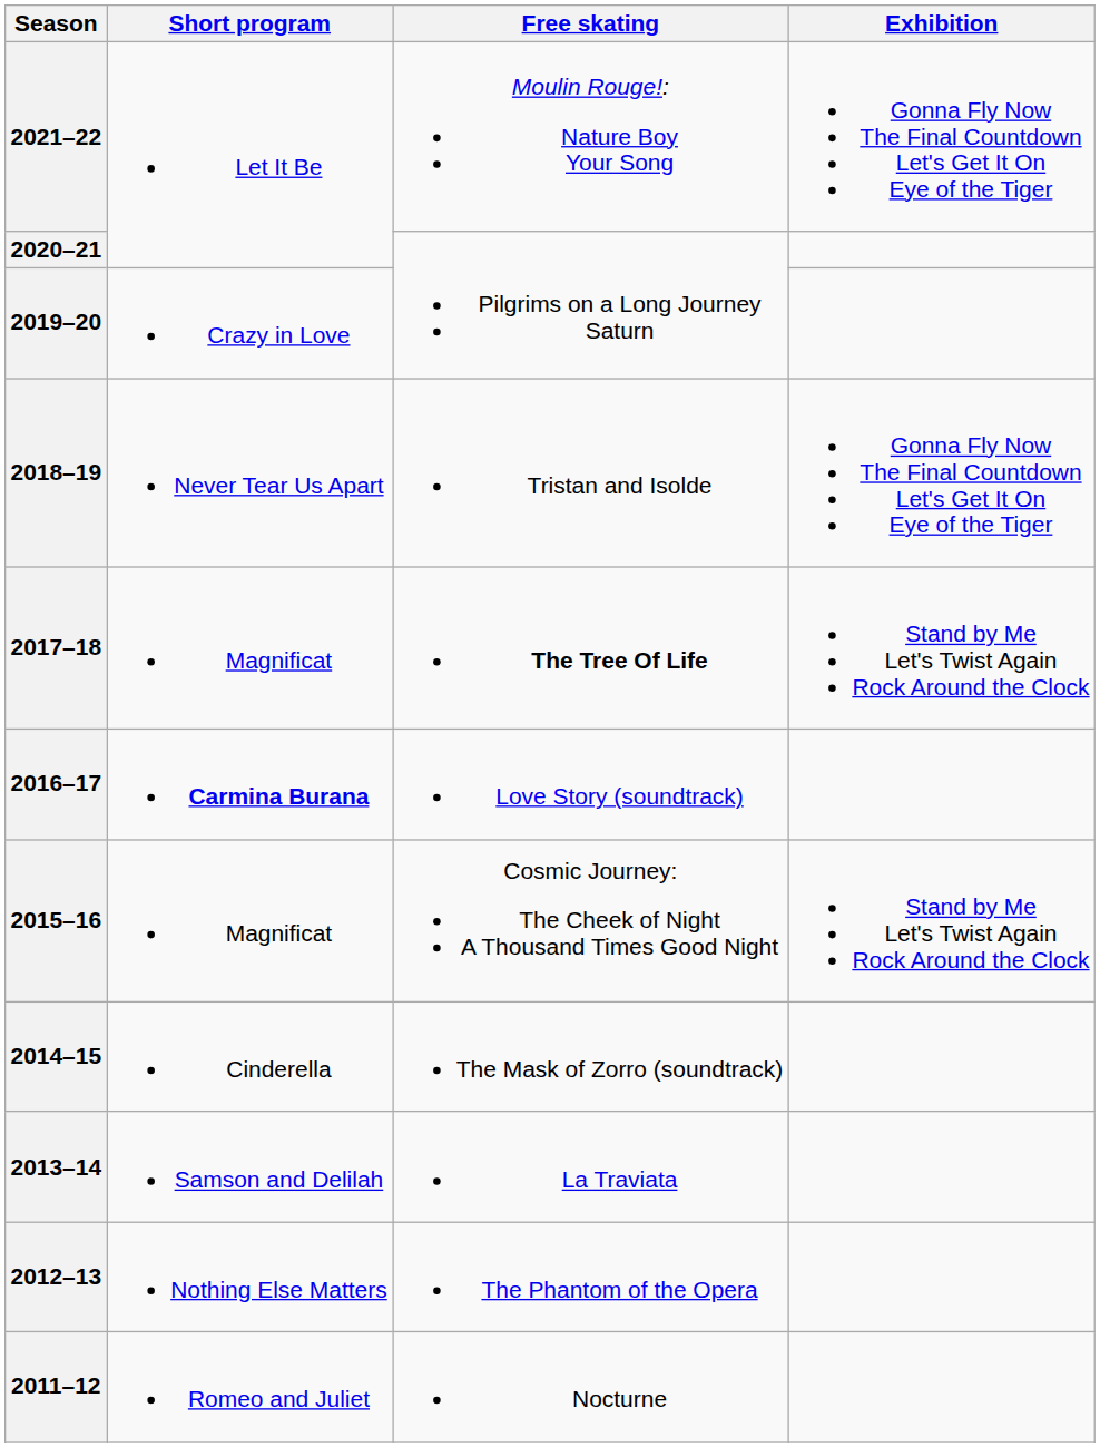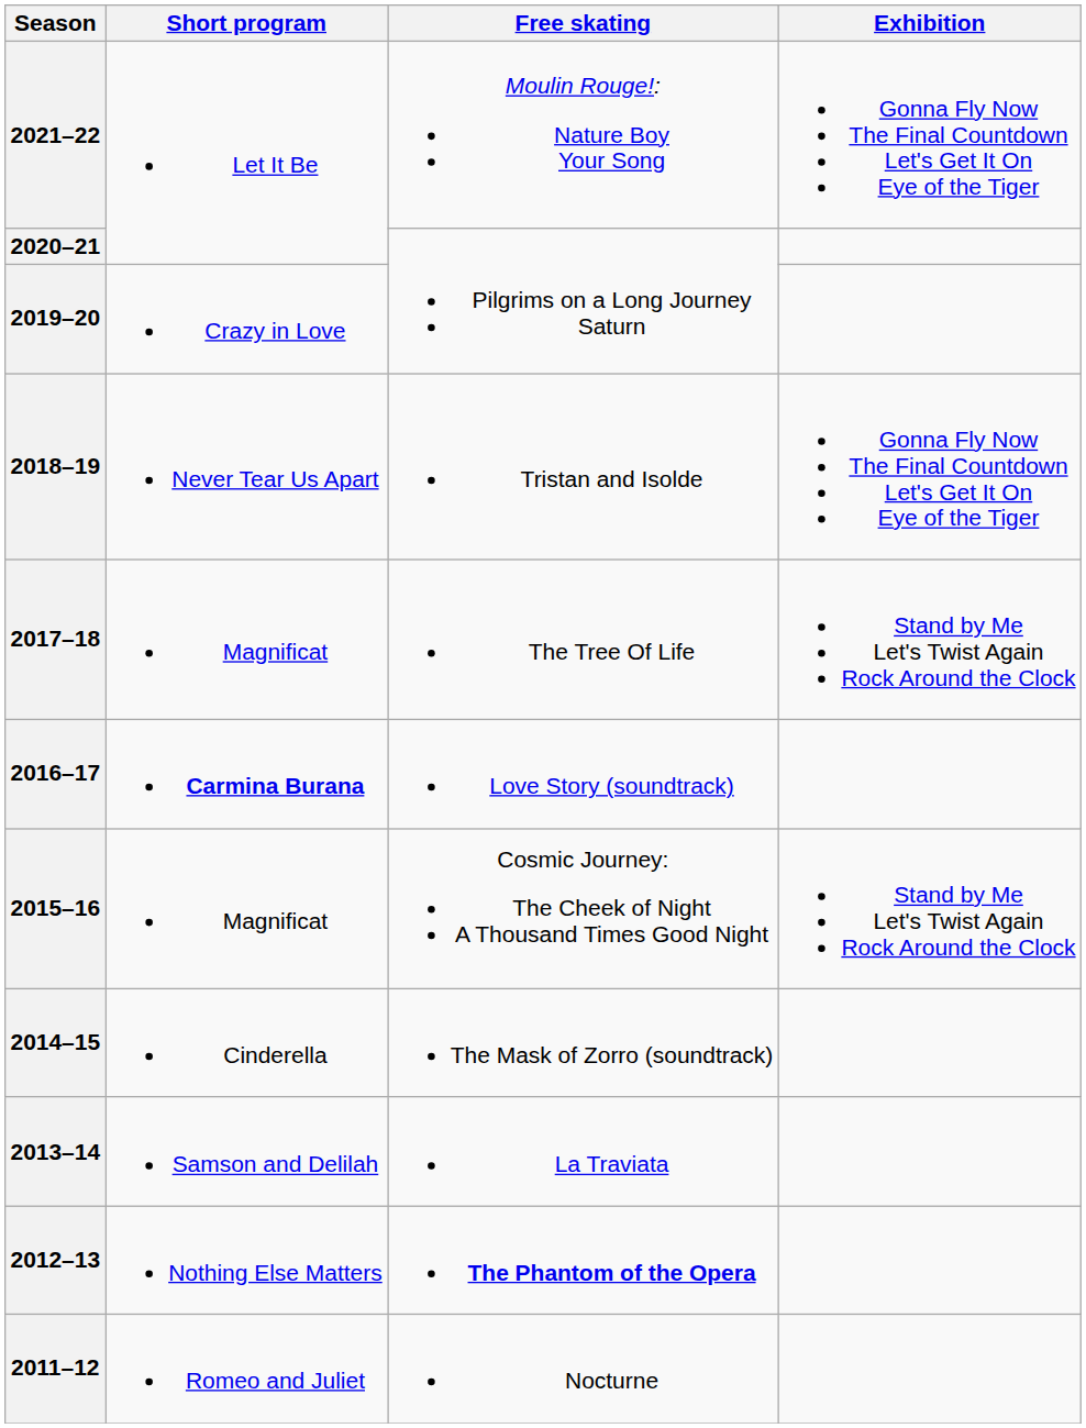 <table class=wikitable style=text-align:center>
 <tr>
 <th>Season</th>
 <th><a href='#'>Short program</a></th>
 <th><a href='#'>Free skating</a></th>
 <th><a href='#'>Exhibition</a></th>
 </tr>
 <tr>
 <th>2021–22 <br> </th>
 <td rowspan=2><br><ul><li><a href='#'>Let It Be</a> <br> </li></ul></td>
 <td><em><a href='#'>Moulin Rouge!</a>:</em><br><ul><li><a href='#'>Nature Boy</a> <br></li><li><a href='#'>Your Song</a> <br> </li></ul></td>
 <td><br><ul><li><a href='#'>Gonna Fly Now</a> <br></li><li><a href='#'>The Final Countdown</a> <br></li><li><a href='#'>Let's Get It On</a> <br></li><li><a href='#'>Eye of the Tiger</a> <br></li></ul></td>
 </tr>
 <tr>
 <th>2020–21 <br> </th>
 <td rowspan=2><br><ul><li>Pilgrims on a Long Journey <br> </li><li>Saturn <br> </li></ul></td>
 <td></td>
 </tr>
 <tr>
 <th>2019–20 <br> </th>
 <td><br><ul><li><a href='#'>Crazy in Love</a> <br> </li></ul></td>
 <td></td>
 </tr>
 <tr>
 <th>2018–19 <br> </th>
 <td><br><ul><li><a href='#'>Never Tear Us Apart</a> <br> </li></ul></td>
 <td><br><ul><li>Tristan and Isolde <br> </li></ul></td>
 <td><br><ul><li><a href='#'>Gonna Fly Now</a> <br></li><li><a href='#'>The Final Countdown</a> <br></li><li><a href='#'>Let's Get It On</a> <br></li><li><a href='#'>Eye of the Tiger</a> <br></li></ul></td>
 </tr>
 <tr>
 <th>2017–18 <br> </th>
 <td><br><ul><li><a href='#'>Magnificat</a> <br></li></ul></td>
-<td><strong><br><ul><li>The Tree Of Life <br> </li></ul></strong></td>
+<td><br><ul><li>The Tree Of Life <br> </li></ul></td>
 <td><br><ul><li><a href='#'>Stand by Me</a> <br></li><li>Let's Twist Again</li><li><a href='#'>Rock Around the Clock</a> <br></li></ul></td>
 </tr>
 <tr>
 <th>2016–17 <br> </th>
 <td><strong><br><ul><li><a href='#'>Carmina Burana</a> <br></li></ul></strong></td>
 <td><br><ul><li><a href='#'>Love Story (soundtrack)</a> <br></li></ul></td>
 <td></td>
 </tr>
 <tr>
 <th>2015–16 <br> </th>
 <td><br><ul><li>Magnificat <br></li></ul></td>
 <td>Cosmic Journey:<br><ul><li>The Cheek of Night</li><li>A Thousand Times Good Night <br></li></ul></td>
 <td><br><ul><li><a href='#'>Stand by Me</a> <br></li><li>Let's Twist Again</li><li><a href='#'>Rock Around the Clock</a> <br></li></ul></td>
 </tr>
 <tr>
 <th>2014–15 <br> </th>
 <td><br><ul><li>Cinderella <br></li></ul></td>
 <td><br><ul><li>The Mask of Zorro (soundtrack) <br></li></ul></td>
 <td></td>
 </tr>
 <tr>
 <th>2013–14 <br> </th>
 <td><br><ul><li><a href='#'>Samson and Delilah</a> <br></li></ul></td>
 <td><br><ul><li><a href='#'>La Traviata</a> <br></li></ul></td>
 <td></td>
 </tr>
 <tr>
 <th>2012–13 <br> </th>
 <td><br><ul><li><a href='#'>Nothing Else Matters</a> <br></li></ul></td>
-<td><br><ul><li><a href='#'>The Phantom of the Opera</a> <br></li></ul></td>
+<td><strong><br><ul><li><a href='#'>The Phantom of the Opera</a> <br></li></ul></strong></td>
 <td></td>
 </tr>
 <tr>
 <th>2011–12 <br> </th>
 <td><br><ul><li><a href='#'>Romeo and Juliet</a> <br></li></ul></td>
 <td><br><ul><li>Nocturne <br></li></ul></td>
 <td></td>
 </tr>
 </table>
